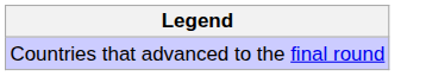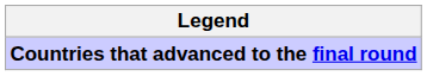 <table class="wikitable">
 <tr>
 <th>Legend</th>
 </tr>
 <tr bgcolor=#ccccff>
-<td>Countries that advanced to the <a href='#'>final round</a></td>
+<td><strong>Countries that advanced to the <a href='#'>final round</a></strong></td>
 </tr>
 </table>
